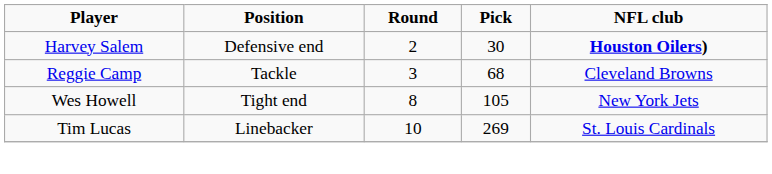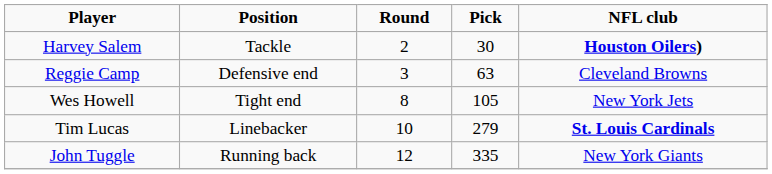 <table class="wikitable" width="80%">
 <tr align="center">
 <td><strong>Player</strong></td>
 <td><strong>Position</strong></td>
 <td><strong>Round</strong></td>
 <td><strong>Pick</strong></td>
 <td><strong>NFL club</strong></td>
 </tr>
 <tr align="center" bgcolor="">
 <td><a href='#'>Harvey Salem</a></td>
-<td>Defensive end</td>
+<td>Tackle</td>
 <td>2</td>
 <td>30</td>
 <td><strong><a href='#'>Houston Oilers</a>)</strong></td>
 </tr>
 <tr align="center" bgcolor="">
 <td><a href='#'>Reggie Camp</a></td>
-<td>Tackle</td>
+<td>Defensive end</td>
 <td>3</td>
-<td>68</td>
+<td>63</td>
 <td><a href='#'>Cleveland Browns</a></td>
 </tr>
 <tr align="center" bgcolor="">
 <td>Wes Howell</td>
 <td>Tight end</td>
 <td>8</td>
 <td>105</td>
 <td><a href='#'>New York Jets</a></td>
 </tr>
 <tr align="center" bgcolor="">
 <td>Tim Lucas</td>
 <td>Linebacker</td>
 <td>10</td>
-<td>269</td>
-<td><a href='#'>St. Louis Cardinals</a></td>
+<td>279</td>
+<td><strong><a href='#'>St. Louis Cardinals</a></strong></td>
+</tr>
+<tr align="center" bgcolor="">
+<td><a href='#'>John Tuggle</a></td>
+<td>Running back</td>
+<td>12</td>
+<td>335</td>
+<td><a href='#'>New York Giants</a></td>
 </tr>
 <tr align="center" bgcolor="">
 </tr>
 </table>
